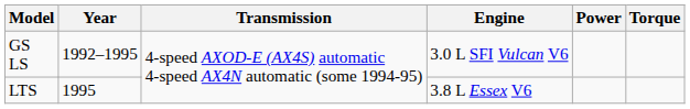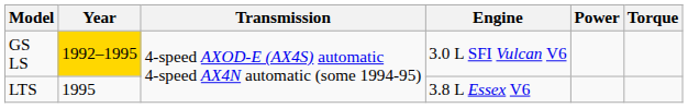 <table class=wikitable>
 <tr>
 <th>Model</th>
 <th>Year</th>
 <th>Transmission</th>
 <th>Engine</th>
 <th>Power</th>
 <th>Torque</th>
 </tr>
 <tr>
 <td>GS<br>LS</td>
-<td>1992–1995</td>
+<td style="background: gold;">1992–1995</td>
 <td rowspan=3>4-speed <em><a href='#'>AXOD-E (AX4S)</a></em> <a href='#'>automatic</a><br>4-speed <em><a href='#'>AX4N</a></em> automatic (some 1994-95)</td>
 <td rowspan=2>3.0 L <a href='#'>SFI</a> <em><a href='#'>Vulcan</a></em> <a href='#'>V6</a></td>
 <td rowspan=2></td>
 <td rowspan="2"></td>
 </tr>
 <tr>
 <td rowspan=2>LTS</td>
 <td rowspan=2>1995</td>
 </tr>
 <tr>
 <td>3.8 L <em><a href='#'>Essex</a></em> <a href='#'>V6</a></td>
 <td></td>
 <td></td>
 </tr>
 </table>
